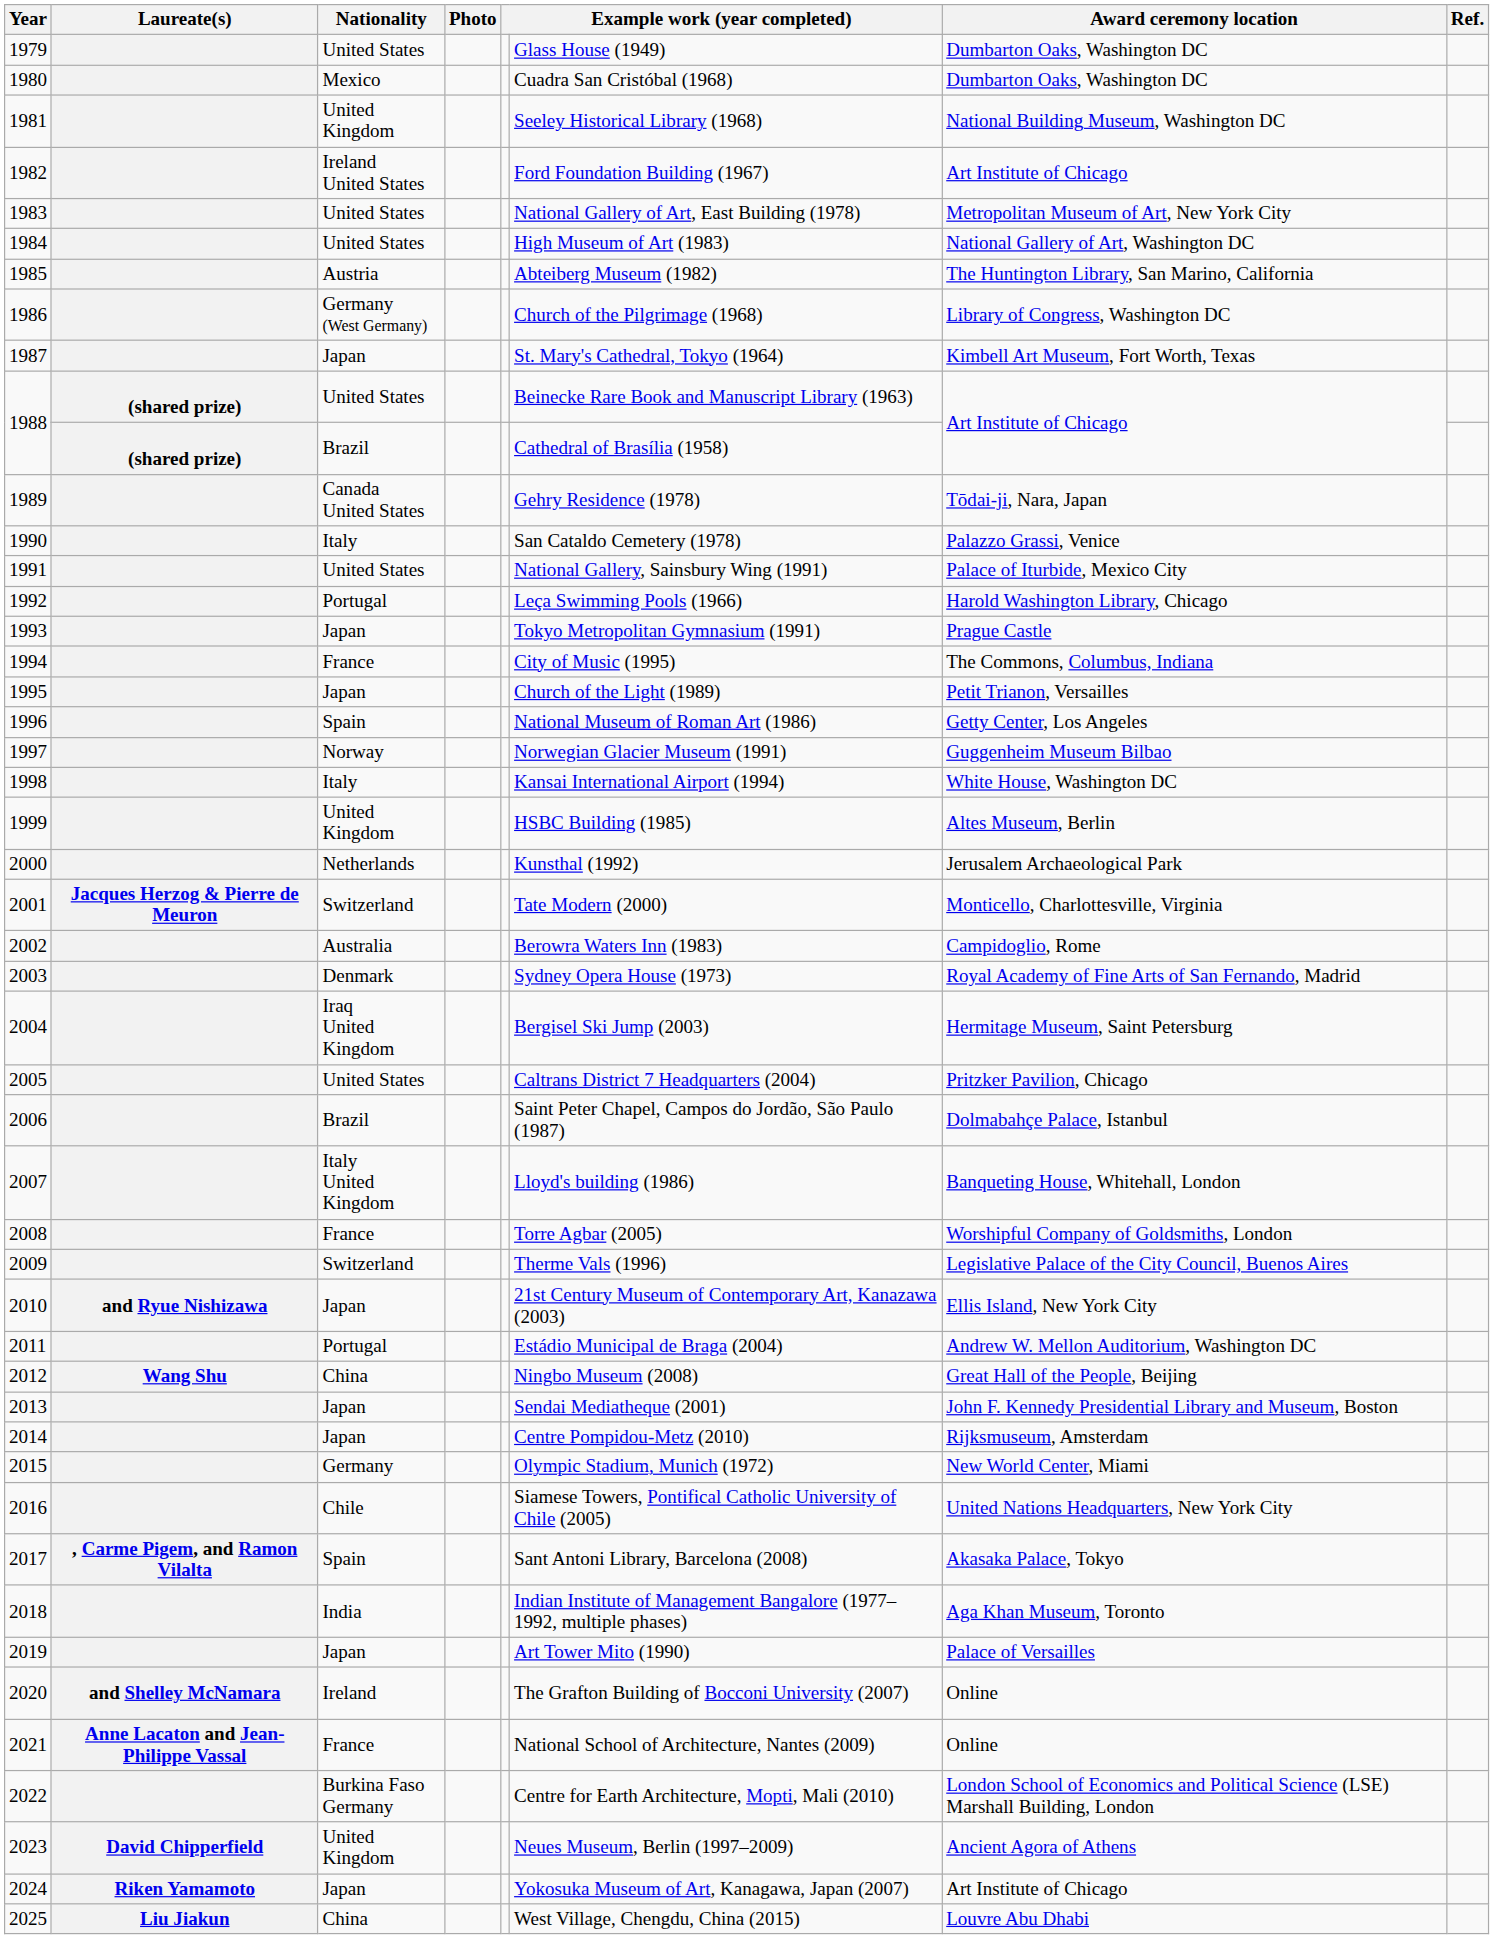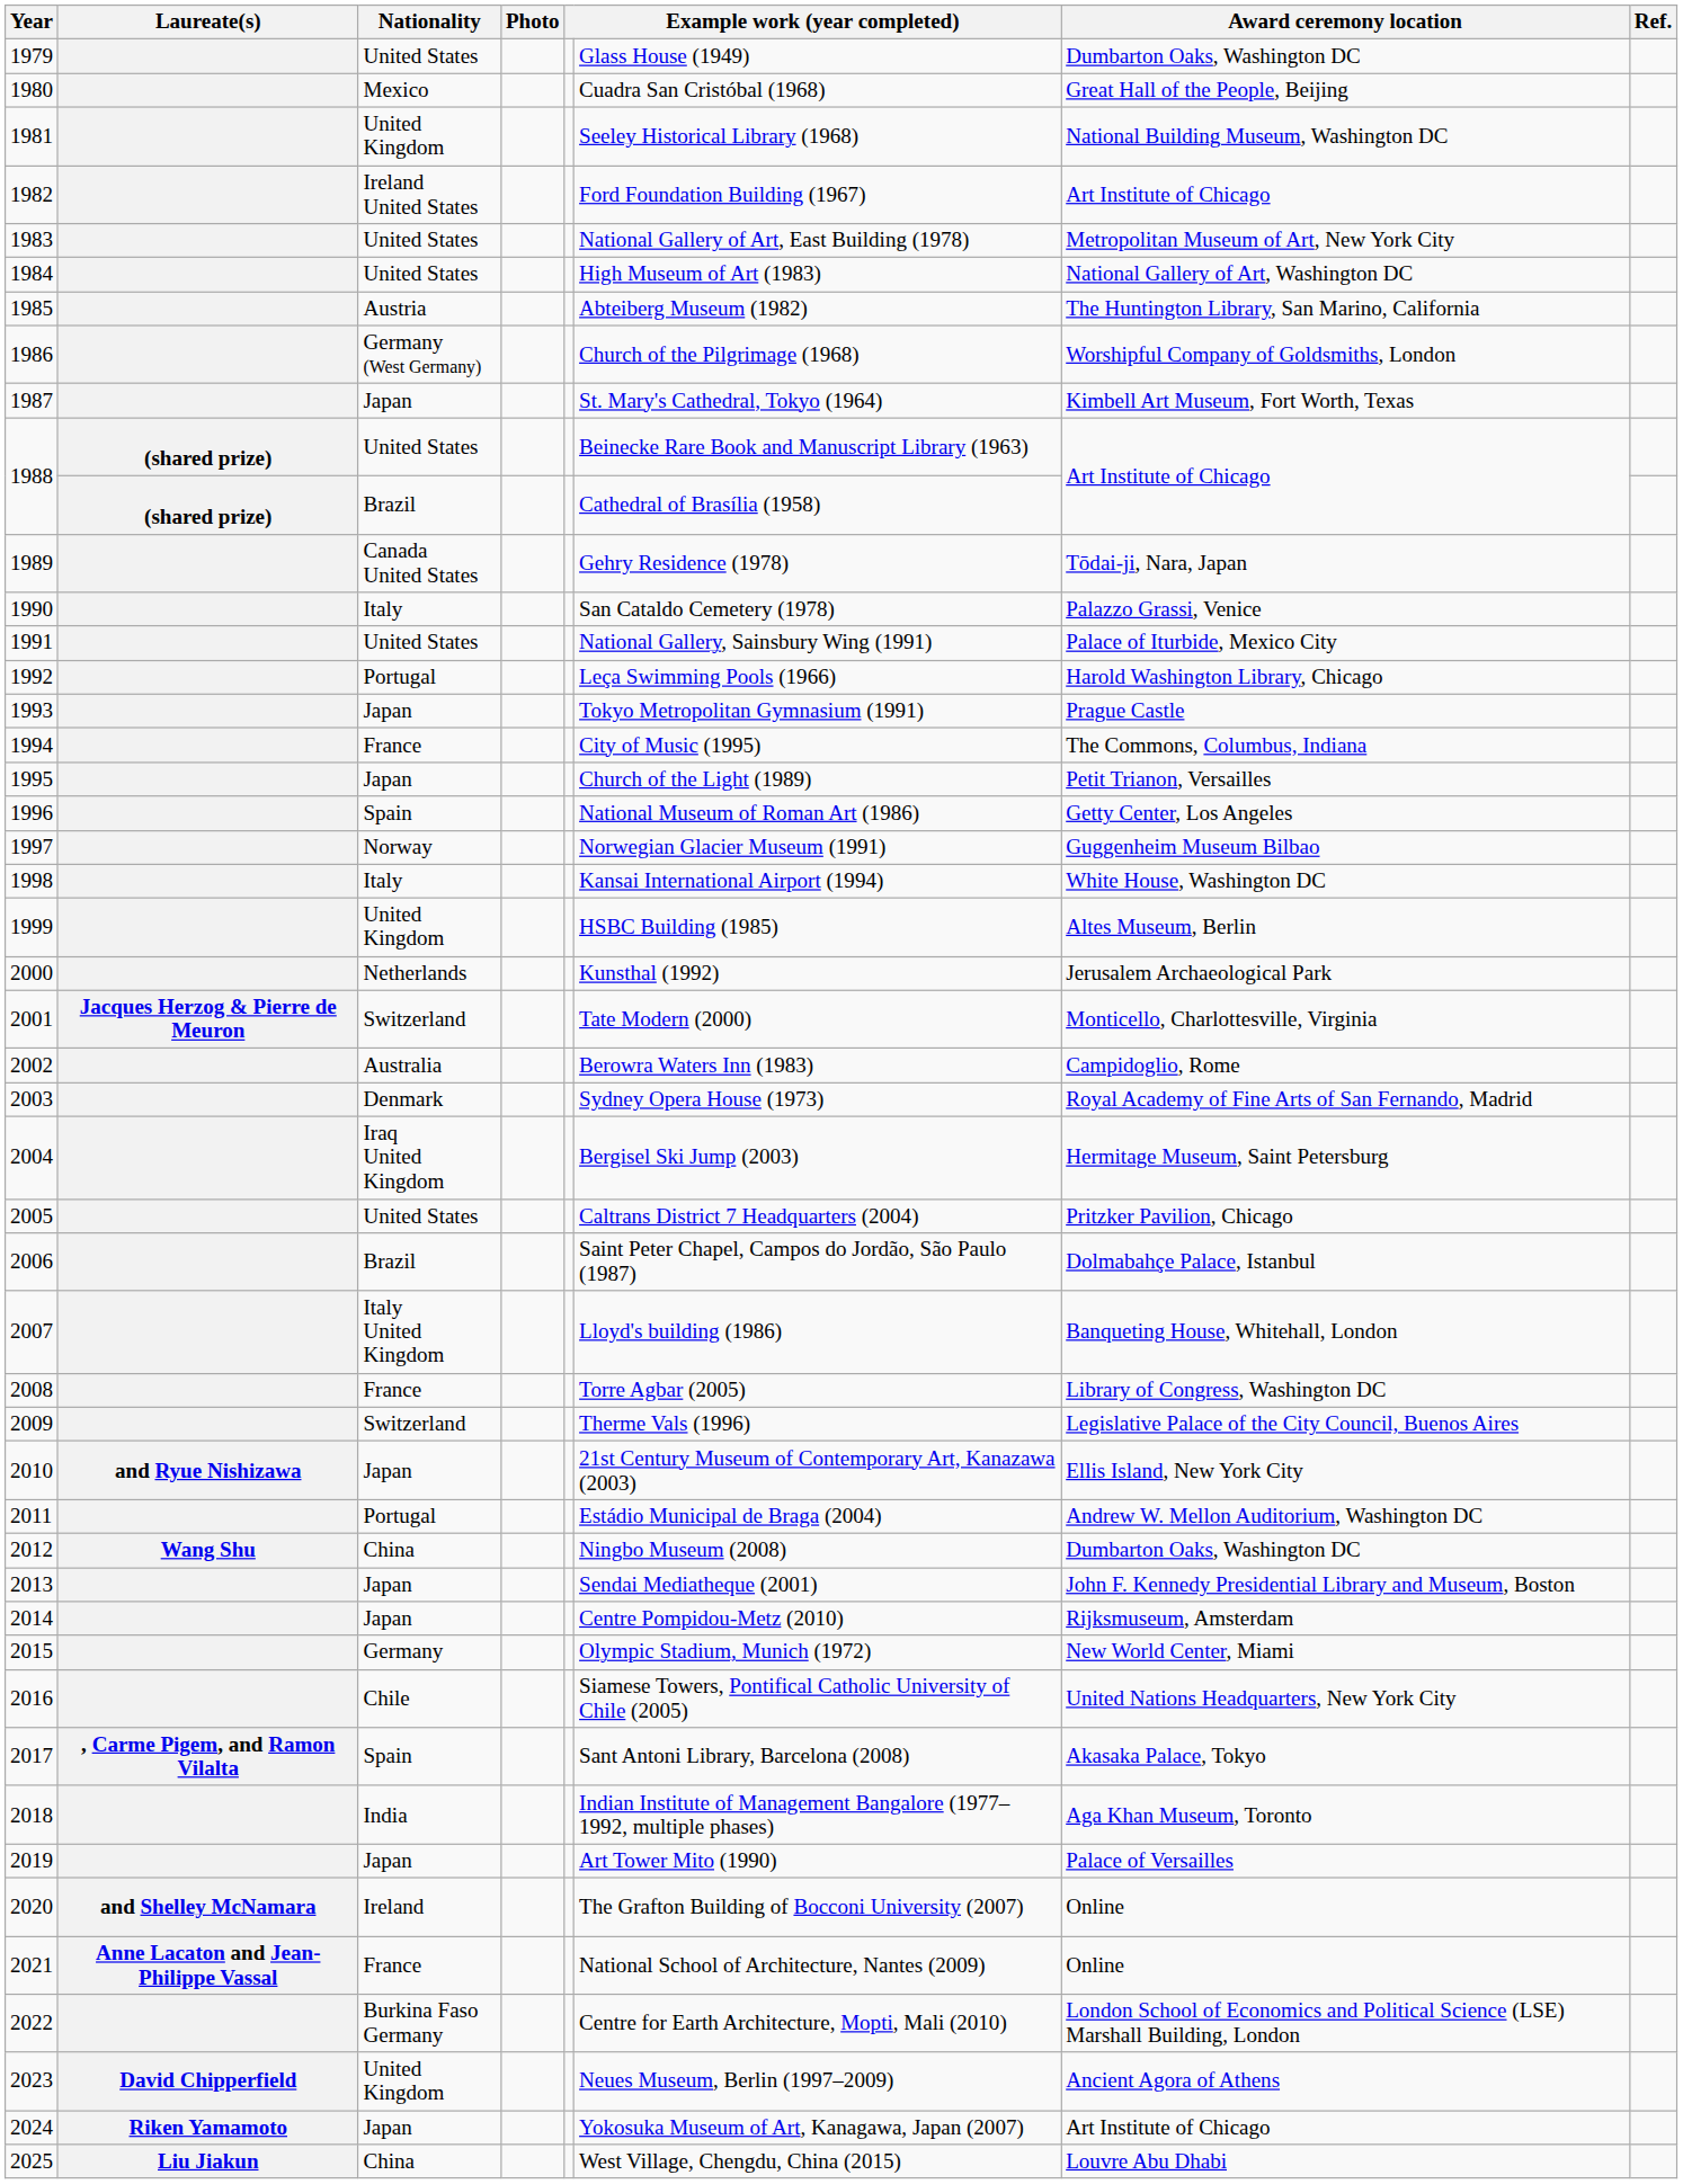 <table align="center" class="wikitable plainrowheaders sortable">
 <tr>
 <th scope=col width=1%>Year</th>
 <th scope=col>Laureate(s)</th>
 <th scope=col>Nationality</th>
 <th scope=col class="unsortable" style:text-align=center>Photo</th>
 <th scope=col class="unsortable" colspan=2>Example work (year completed)</th>
 <th scope=col>Award ceremony location</th>
 <th scope=col class="unsortable" style:text-align=center width=1%>Ref.</th>
 </tr>
 <tr>
 <td>1979</td>
 <th scope=row></th>
 <td>United States</td>
 <td></td>
 <td></td>
 <td><a href='#'>Glass House</a> (1949)</td>
 <td><a href='#'>Dumbarton Oaks</a>, Washington DC</td>
 <td></td>
 </tr>
 <tr>
 <td>1980</td>
 <th scope=row></th>
 <td>Mexico</td>
 <td></td>
 <td></td>
 <td>Cuadra San Cristóbal (1968)</td>
-<td><a href='#'>Dumbarton Oaks</a>, Washington DC</td>
+<td><a href='#'>Great Hall of the People</a>, Beijing</td>
 <td></td>
 </tr>
 <tr>
 <td>1981</td>
 <th scope=row></th>
 <td>United Kingdom</td>
 <td></td>
 <td></td>
 <td><a href='#'>Seeley Historical Library</a> (1968)</td>
 <td><a href='#'>National Building Museum</a>, Washington DC</td>
 <td></td>
 </tr>
 <tr>
 <td>1982</td>
 <th scope=row></th>
 <td>Ireland<br>United States</td>
 <td></td>
 <td></td>
 <td><a href='#'>Ford Foundation Building</a> (1967)</td>
 <td><a href='#'>Art Institute of Chicago</a></td>
 <td></td>
 </tr>
 <tr>
 <td>1983</td>
 <th scope=row></th>
 <td>United States</td>
 <td></td>
 <td></td>
 <td><a href='#'>National Gallery of Art</a>, East Building (1978)</td>
 <td><a href='#'>Metropolitan Museum of Art</a>, New York City</td>
 <td></td>
 </tr>
 <tr>
 <td>1984</td>
 <th scope=row></th>
 <td>United States</td>
 <td></td>
 <td></td>
 <td><a href='#'>High Museum of Art</a> (1983)</td>
 <td><a href='#'>National Gallery of Art</a>, Washington DC</td>
 <td></td>
 </tr>
 <tr>
 <td>1985</td>
 <th scope=row></th>
 <td>Austria</td>
 <td></td>
 <td></td>
 <td><a href='#'>Abteiberg Museum</a> (1982)</td>
 <td><a href='#'>The Huntington Library</a>, San Marino, California</td>
 <td></td>
 </tr>
 <tr>
 <td>1986</td>
 <th scope=row></th>
 <td>Germany<br><small>(West Germany)</small></td>
 <td></td>
 <td></td>
 <td><a href='#'>Church of the Pilgrimage</a> (1968)</td>
-<td><a href='#'>Library of Congress</a>, Washington DC</td>
+<td><a href='#'>Worshipful Company of Goldsmiths</a>, London</td>
 <td></td>
 </tr>
 <tr>
 <td>1987</td>
 <th scope=row></th>
 <td>Japan</td>
 <td></td>
 <td></td>
 <td><a href='#'>St. Mary's Cathedral, Tokyo</a> (1964)</td>
 <td><a href='#'>Kimbell Art Museum</a>, Fort Worth, Texas</td>
 <td></td>
 </tr>
 <tr>
 <td rowspan="2">1988</td>
 <th scope=row> <br> (shared prize)</th>
 <td>United States</td>
 <td></td>
 <td></td>
 <td><a href='#'>Beinecke Rare Book and Manuscript Library</a> (1963)</td>
 <td rowspan="2"><a href='#'>Art Institute of Chicago</a></td>
 <td></td>
 </tr>
 <tr>
 <th scope=row> <br> (shared prize)</th>
 <td>Brazil</td>
 <td></td>
 <td></td>
 <td><a href='#'>Cathedral of Brasília</a> (1958)</td>
 <td></td>
 </tr>
 <tr>
 <td>1989</td>
 <th scope=row></th>
 <td>Canada<br>United States</td>
 <td></td>
 <td></td>
 <td><a href='#'>Gehry Residence</a> (1978)</td>
 <td><a href='#'>Tōdai-ji</a>, Nara, Japan</td>
 <td></td>
 </tr>
 <tr>
 <td>1990</td>
 <th scope=row></th>
 <td>Italy</td>
 <td></td>
 <td></td>
 <td>San Cataldo Cemetery (1978)</td>
 <td><a href='#'>Palazzo Grassi</a>, Venice</td>
 <td></td>
 </tr>
 <tr>
 <td>1991</td>
 <th scope=row></th>
 <td>United States</td>
 <td></td>
 <td></td>
 <td><a href='#'>National Gallery</a>, Sainsbury Wing (1991)</td>
 <td><a href='#'>Palace of Iturbide</a>, Mexico City</td>
 <td></td>
 </tr>
 <tr>
 <td>1992</td>
 <th scope=row></th>
 <td>Portugal</td>
 <td></td>
 <td></td>
 <td><a href='#'>Leça Swimming Pools</a> (1966)</td>
 <td><a href='#'>Harold Washington Library</a>, Chicago</td>
 <td></td>
 </tr>
 <tr>
 <td>1993</td>
 <th scope=row></th>
 <td>Japan</td>
 <td></td>
 <td></td>
 <td><a href='#'>Tokyo Metropolitan Gymnasium</a> (1991)</td>
 <td><a href='#'>Prague Castle</a></td>
 <td></td>
 </tr>
 <tr>
 <td>1994</td>
 <th scope=row></th>
 <td>France</td>
 <td></td>
 <td></td>
 <td><a href='#'>City of Music</a> (1995)</td>
 <td>The Commons, <a href='#'>Columbus, Indiana</a></td>
 <td></td>
 </tr>
 <tr>
 <td>1995</td>
 <th scope=row></th>
 <td>Japan</td>
 <td></td>
 <td></td>
 <td><a href='#'>Church of the Light</a> (1989)</td>
 <td><a href='#'>Petit Trianon</a>, Versailles</td>
 <td></td>
 </tr>
 <tr>
 <td>1996</td>
 <th scope=row></th>
 <td>Spain</td>
 <td></td>
 <td></td>
 <td><a href='#'>National Museum of Roman Art</a> (1986)</td>
 <td><a href='#'>Getty Center</a>, Los Angeles</td>
 <td></td>
 </tr>
 <tr>
 <td>1997</td>
 <th scope=row></th>
 <td>Norway</td>
 <td></td>
 <td></td>
 <td><a href='#'>Norwegian Glacier Museum</a> (1991)</td>
 <td><a href='#'>Guggenheim Museum Bilbao</a></td>
 <td></td>
 </tr>
 <tr>
 <td>1998</td>
 <th scope=row></th>
 <td>Italy</td>
 <td></td>
 <td></td>
 <td><a href='#'>Kansai International Airport</a> (1994)</td>
 <td><a href='#'>White House</a>, Washington DC</td>
 <td></td>
 </tr>
 <tr>
 <td>1999</td>
 <th scope=row></th>
 <td>United Kingdom</td>
 <td></td>
 <td></td>
 <td><a href='#'>HSBC Building</a> (1985)</td>
 <td><a href='#'>Altes Museum</a>, Berlin</td>
 <td></td>
 </tr>
 <tr>
 <td>2000</td>
 <th scope=row></th>
 <td>Netherlands</td>
 <td></td>
 <td></td>
 <td><a href='#'>Kunsthal</a> (1992)</td>
 <td>Jerusalem Archaeological Park</td>
 <td></td>
 </tr>
 <tr>
 <td>2001</td>
 <th scope=row><a href='#'>Jacques Herzog & Pierre de Meuron</a></th>
 <td>Switzerland</td>
 <td></td>
 <td></td>
 <td><a href='#'>Tate Modern</a> (2000)</td>
 <td><a href='#'>Monticello</a>, Charlottesville, Virginia</td>
 <td></td>
 </tr>
 <tr>
 <td>2002</td>
 <th scope=row></th>
 <td>Australia</td>
 <td></td>
 <td></td>
 <td><a href='#'>Berowra Waters Inn</a> (1983)</td>
 <td><a href='#'>Campidoglio</a>, Rome</td>
 <td></td>
 </tr>
 <tr>
 <td>2003</td>
 <th scope=row></th>
 <td>Denmark</td>
 <td></td>
 <td></td>
 <td><a href='#'>Sydney Opera House</a> (1973)</td>
 <td><a href='#'>Royal Academy of Fine Arts of San Fernando</a>, Madrid</td>
 <td></td>
 </tr>
 <tr>
 <td>2004</td>
 <th scope=row></th>
 <td>Iraq<br>United Kingdom</td>
 <td></td>
 <td></td>
 <td><a href='#'>Bergisel Ski Jump</a> (2003)</td>
 <td><a href='#'>Hermitage Museum</a>, Saint Petersburg</td>
 <td></td>
 </tr>
 <tr>
 <td>2005</td>
 <th scope=row></th>
 <td>United States</td>
 <td></td>
 <td></td>
 <td><a href='#'>Caltrans District 7 Headquarters</a> (2004)</td>
 <td><a href='#'>Pritzker Pavilion</a>, Chicago</td>
 <td></td>
 </tr>
 <tr>
 <td>2006</td>
 <th scope=row></th>
 <td>Brazil</td>
 <td></td>
 <td></td>
 <td>Saint Peter Chapel, Campos do Jordão, São Paulo (1987)</td>
 <td><a href='#'>Dolmabahçe Palace</a>, Istanbul</td>
 <td></td>
 </tr>
 <tr>
 <td>2007</td>
 <th scope=row></th>
 <td>Italy<br>United Kingdom</td>
 <td></td>
 <td></td>
 <td><a href='#'>Lloyd's building</a> (1986)</td>
 <td><a href='#'>Banqueting House</a>, Whitehall, London</td>
 <td></td>
 </tr>
 <tr>
 <td>2008</td>
 <th scope=row></th>
 <td>France</td>
 <td></td>
 <td></td>
 <td><a href='#'>Torre Agbar</a> (2005)</td>
-<td><a href='#'>Worshipful Company of Goldsmiths</a>, London</td>
+<td><a href='#'>Library of Congress</a>, Washington DC</td>
 <td></td>
 </tr>
 <tr>
 <td>2009</td>
 <th scope=row></th>
 <td>Switzerland</td>
 <td></td>
 <td></td>
 <td><a href='#'>Therme Vals</a> (1996)</td>
 <td><a href='#'>Legislative Palace of the City Council, Buenos Aires</a></td>
 <td></td>
 </tr>
 <tr>
 <td>2010</td>
 <th scope=row> and <a href='#'>Ryue Nishizawa</a></th>
 <td>Japan</td>
 <td></td>
 <td></td>
 <td><a href='#'>21st Century Museum of Contemporary Art, Kanazawa</a> (2003)</td>
 <td><a href='#'>Ellis Island</a>, New York City</td>
 <td></td>
 </tr>
 <tr>
 <td>2011</td>
 <th scope=row></th>
 <td>Portugal</td>
 <td></td>
 <td></td>
 <td><a href='#'>Estádio Municipal de Braga</a> (2004)</td>
 <td><a href='#'>Andrew W. Mellon Auditorium</a>, Washington DC</td>
 <td></td>
 </tr>
 <tr>
 <td>2012</td>
 <th scope=row><a href='#'>Wang Shu</a></th>
 <td>China</td>
 <td></td>
 <td></td>
 <td><a href='#'>Ningbo Museum</a> (2008)</td>
-<td><a href='#'>Great Hall of the People</a>, Beijing</td>
+<td><a href='#'>Dumbarton Oaks</a>, Washington DC</td>
 <td></td>
 </tr>
 <tr>
 <td>2013</td>
 <th scope=row></th>
 <td>Japan</td>
 <td></td>
 <td></td>
 <td><a href='#'>Sendai Mediatheque</a> (2001)</td>
 <td><a href='#'>John F. Kennedy Presidential Library and Museum</a>, Boston</td>
 <td></td>
 </tr>
 <tr>
 <td>2014</td>
 <th scope=row></th>
 <td>Japan</td>
 <td></td>
 <td></td>
 <td><a href='#'>Centre Pompidou-Metz</a> (2010)</td>
 <td><a href='#'>Rijksmuseum</a>, Amsterdam</td>
 <td></td>
 </tr>
 <tr>
 <td>2015</td>
 <th scope=row></th>
 <td>Germany</td>
 <td></td>
 <td></td>
 <td><a href='#'>Olympic Stadium, Munich</a> (1972)</td>
 <td><a href='#'>New World Center</a>, Miami</td>
 <td> </td>
 </tr>
 <tr>
 <td>2016</td>
 <th scope=row></th>
 <td>Chile</td>
 <td></td>
 <td></td>
 <td>Siamese Towers, <a href='#'>Pontifical Catholic University of Chile</a> (2005)</td>
 <td><a href='#'>United Nations Headquarters</a>, New York City</td>
 <td></td>
 </tr>
 <tr>
 <td>2017</td>
 <th scope=row>, <a href='#'>Carme Pigem</a>, and <a href='#'>Ramon Vilalta</a></th>
 <td>Spain</td>
 <td></td>
 <td></td>
 <td>Sant Antoni Library, Barcelona (2008)</td>
 <td><a href='#'>Akasaka Palace</a>, Tokyo</td>
 <td></td>
 </tr>
 <tr>
 <td>2018</td>
 <th scope=row></th>
 <td>India</td>
 <td></td>
 <td></td>
 <td><a href='#'>Indian Institute of Management Bangalore</a> (1977–1992, multiple phases)</td>
 <td><a href='#'>Aga Khan Museum</a>, Toronto</td>
 <td></td>
 </tr>
 <tr>
 <td>2019</td>
 <th scope=row></th>
 <td>Japan</td>
 <td></td>
 <td></td>
 <td><a href='#'>Art Tower Mito</a> (1990)</td>
 <td><a href='#'>Palace of Versailles</a></td>
 <td></td>
 </tr>
 <tr>
 <td>2020</td>
 <th scope=row> and <a href='#'>Shelley McNamara</a></th>
 <td>Ireland</td>
 <td><br><br></td>
 <td></td>
 <td>The Grafton Building of <a href='#'>Bocconi University</a> (2007)</td>
 <td>Online</td>
 <td></td>
 </tr>
 <tr>
 <td>2021</td>
 <th scope=row><a href='#'>Anne Lacaton</a> and <a href='#'>Jean-Philippe Vassal</a></th>
 <td>France</td>
 <td></td>
 <td></td>
 <td>National School of Architecture, Nantes (2009)</td>
 <td>Online</td>
 <td></td>
 </tr>
 <tr>
 <td>2022</td>
 <th scope=row></th>
 <td>Burkina Faso<br>Germany</td>
 <td></td>
 <td></td>
 <td>Centre for Earth Architecture, <a href='#'>Mopti</a>, Mali (2010)</td>
 <td><a href='#'>London School of Economics and Political Science</a> (LSE) Marshall Building, London</td>
 <td></td>
 </tr>
 <tr>
 <td>2023</td>
 <th scope=row><a href='#'>David Chipperfield</a></th>
 <td>United Kingdom</td>
 <td></td>
 <td></td>
 <td><a href='#'>Neues Museum</a>, Berlin (1997–2009)</td>
 <td><a href='#'>Ancient Agora of Athens</a></td>
 <td></td>
 </tr>
 <tr |}>
 <td>2024</td>
 <th scope=row><a href='#'>Riken Yamamoto</a></th>
 <td>Japan</td>
 <td></td>
 <td></td>
 <td><a href='#'>Yokosuka Museum of Art</a>, Kanagawa, Japan (2007)</td>
 <td>Art Institute of Chicago</td>
 <td></td>
 </tr>
 <tr |}>
 <td>2025</td>
 <th scope=row><a href='#'>Liu Jiakun</a></th>
 <td>China</td>
 <td></td>
 <td></td>
 <td>West Village, Chengdu, China (2015)</td>
 <td><a href='#'>Louvre Abu Dhabi</a></td>
 <td></td>
 </tr>
 </table>
